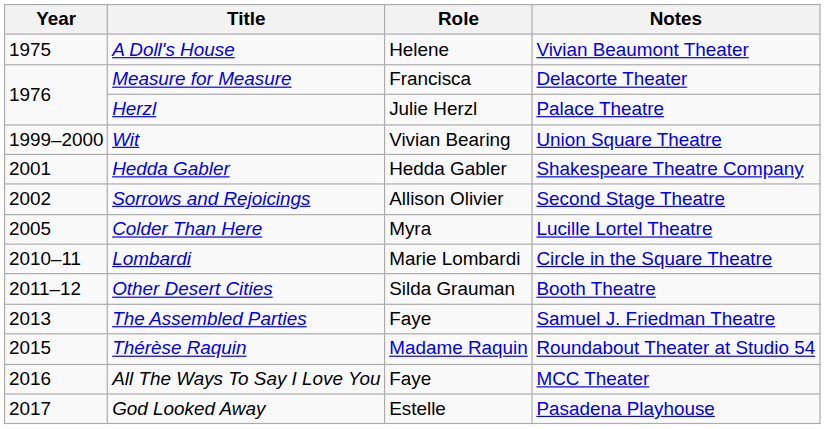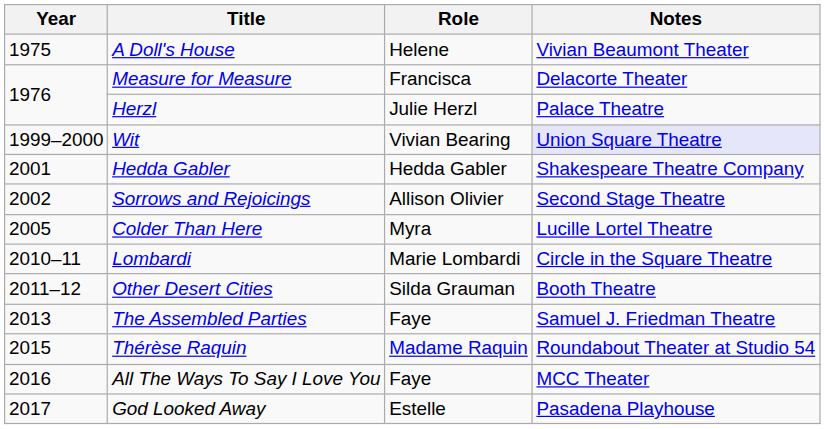 <table class="wikitable sortable">
 <tr>
 <th>Year</th>
 <th>Title</th>
 <th>Role</th>
 <th>Notes</th>
 </tr>
 <tr>
 <td>1975</td>
 <td><em><a href='#'>A Doll's House</a></em></td>
 <td>Helene</td>
 <td><a href='#'>Vivian Beaumont Theater</a></td>
 </tr>
 <tr>
 <td rowspan="2">1976</td>
 <td><em><a href='#'>Measure for Measure</a></em></td>
 <td>Francisca</td>
 <td><a href='#'>Delacorte Theater</a></td>
 </tr>
 <tr>
 <td><em><a href='#'>Herzl</a></em></td>
 <td>Julie Herzl</td>
 <td><a href='#'>Palace Theatre</a></td>
 </tr>
 <tr>
 <td>1999–2000</td>
 <td><em><a href='#'>Wit</a></em></td>
 <td>Vivian Bearing</td>
-<td><a href='#'>Union Square Theatre</a></td>
+<td style="background: lavender;"><a href='#'>Union Square Theatre</a></td>
 </tr>
 <tr>
 <td>2001</td>
 <td><em><a href='#'>Hedda Gabler</a></em></td>
 <td>Hedda Gabler</td>
 <td><a href='#'>Shakespeare Theatre Company</a></td>
 </tr>
 <tr>
 <td>2002</td>
 <td><em><a href='#'>Sorrows and Rejoicings</a></em></td>
 <td>Allison Olivier</td>
 <td><a href='#'>Second Stage Theatre</a></td>
 </tr>
 <tr>
 <td>2005</td>
 <td><em><a href='#'>Colder Than Here</a></em></td>
 <td>Myra</td>
 <td><a href='#'>Lucille Lortel Theatre</a></td>
 </tr>
 <tr>
 <td>2010–11</td>
 <td><em><a href='#'>Lombardi</a></em></td>
 <td>Marie Lombardi</td>
 <td><a href='#'>Circle in the Square Theatre</a></td>
 </tr>
 <tr>
 <td>2011–12</td>
 <td><em><a href='#'>Other Desert Cities</a></em></td>
 <td>Silda Grauman</td>
 <td><a href='#'>Booth Theatre</a></td>
 </tr>
 <tr>
 <td>2013</td>
 <td><em><a href='#'>The Assembled Parties</a></em></td>
 <td>Faye</td>
 <td><a href='#'>Samuel J. Friedman Theatre</a></td>
 </tr>
 <tr>
 <td>2015</td>
 <td><em><a href='#'>Thérèse Raquin</a></em></td>
 <td><a href='#'>Madame Raquin</a></td>
 <td><a href='#'>Roundabout Theater at Studio 54</a></td>
 </tr>
 <tr>
 <td>2016</td>
 <td><em>All The Ways To Say I Love You</em></td>
 <td>Faye</td>
 <td><a href='#'>MCC Theater</a></td>
 </tr>
 <tr>
 <td>2017</td>
 <td><em>God Looked Away</em></td>
 <td>Estelle</td>
 <td><a href='#'>Pasadena Playhouse</a></td>
 </tr>
 </table>
